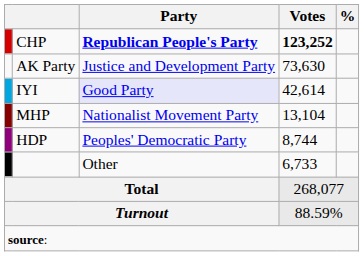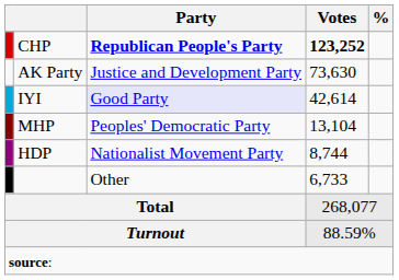 <table class="wikitable">
 <tr>
 <th colspan="2" align="center"></th>
 <th align="center">Party</th>
 <th align="center">Votes</th>
 <th align="center">%</th>
 </tr>
 <tr align="left">
 <td bgcolor="#d50000" width="1"></td>
 <td>CHP</td>
 <td><strong><a href='#'>Republican People's Party</a></strong></td>
 <td><strong>123,252</strong></td>
 <td><strong></strong></td>
 </tr>
 <tr align="left">
 <td></td>
 <td>AK Party</td>
 <td><a href='#'>Justice and Development Party</a></td>
 <td>73,630</td>
 <td></td>
 </tr>
 <tr align="left">
 <td bgcolor="#01A7E1" width="1"></td>
 <td>IYI</td>
 <td style="background: lavender;"><a href='#'>Good Party</a></td>
 <td>42,614</td>
 <td></td>
 </tr>
 <tr align="left">
 <td bgcolor="#870000" width="1"></td>
 <td>MHP</td>
-<td><a href='#'>Nationalist Movement Party</a></td>
+<td><a href='#'>Peoples' Democratic Party</a></td>
 <td>13,104</td>
 <td></td>
 </tr>
 <tr align="left">
 <td bgcolor="#91007B" width="1"></td>
 <td>HDP</td>
-<td><a href='#'>Peoples' Democratic Party</a></td>
+<td><a href='#'>Nationalist Movement Party</a></td>
 <td>8,744</td>
 <td></td>
 </tr>
 <tr align="left">
 <td bgcolor=" " width="1"></td>
 <td></td>
 <td>Other</td>
 <td>6,733</td>
 <td></td>
 </tr>
 <tr align="left" style="background-color:#E9E9E9">
 <th colspan="3" align="center"><strong>Total</strong></th>
 <td colspan="5" align="center">268,077</td>
 </tr>
 <tr align="left" style="background-color:#E9E9E9">
 <th colspan="3" align="center"><em>Turnout</em></th>
 <td colspan="5" align="center">88.59%</td>
 </tr>
 <tr>
 <td colspan="9" align="left"><small><strong>source</strong>: </small></td>
 </tr>
 </table>
